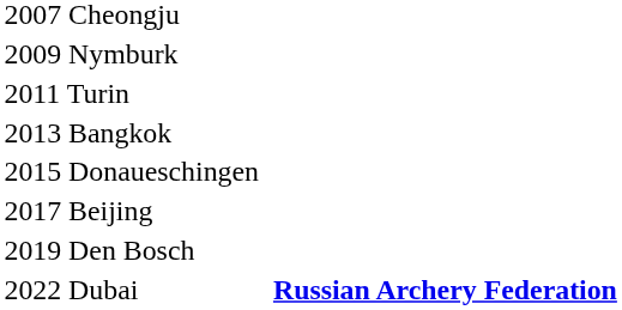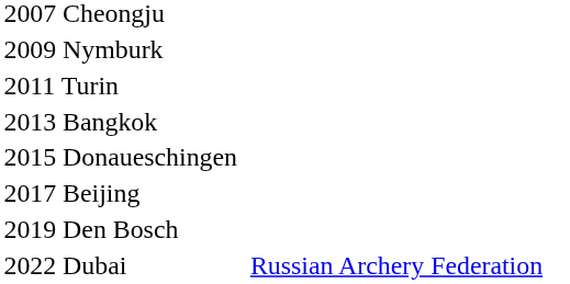 <table>
 <tr>
 <td>2007 Cheongju</td>
 <td></td>
 <td></td>
 <td></td>
 </tr>
 <tr>
 <td>2009 Nymburk</td>
 <td></td>
 <td></td>
 <td></td>
 </tr>
 <tr>
 <td>2011 Turin</td>
 <td></td>
 <td></td>
 <td></td>
 </tr>
 <tr>
 <td>2013 Bangkok</td>
 <td></td>
 <td></td>
 <td></td>
 </tr>
 <tr>
 <td>2015 Donaueschingen</td>
 <td></td>
 <td></td>
 <td></td>
 </tr>
 <tr>
 <td>2017 Beijing</td>
 <td></td>
 <td></td>
 <td></td>
 </tr>
 <tr>
 <td>2019 Den Bosch</td>
 <td></td>
 <td></td>
 <td></td>
 </tr>
 <tr>
 <td>2022 Dubai</td>
 <td></td>
-<td><strong><a href='#'>Russian Archery Federation</a></strong></td>
+<td><a href='#'>Russian Archery Federation</a></td>
 <td></td>
 </tr>
 </table>
